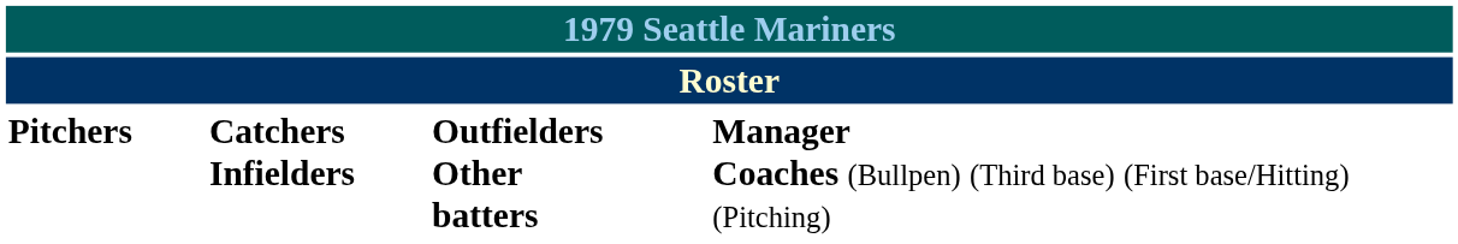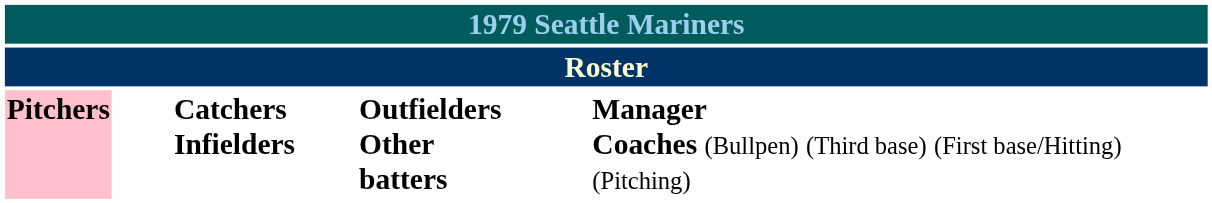 <table class="toccolours" style="font-size: 95%;">
 <tr>
 <th colspan="10" style="background-color: #005c5c; color: #9ECEEE; text-align: center;">1979 Seattle Mariners</th>
 </tr>
 <tr>
 <td colspan="10" style="background-color: #003366; color: #FFFDD0; text-align: center;"><strong>Roster</strong></td>
 </tr>
 <tr>
-<td valign="top"><strong>Pitchers</strong><br>                </td>
+<td valign="top" style="background: pink;"><strong>Pitchers</strong><br>                </td>
 <td width="25px"></td>
 <td valign="top"><strong>Catchers</strong><br>  <strong>Infielders</strong>        </td>
 <td width="25px"></td>
 <td valign="top"><strong>Outfielders</strong><br>      <strong>Other batters</strong>  </td>
 <td width="25px"></td>
 <td valign="top"><strong>Manager</strong><br> <strong>Coaches</strong>  <small>(Bullpen)</small>  <small>(Third base)</small>  <small>(First base/Hitting)</small>  <small>(Pitching)</small></td>
 </tr>
 </table>
